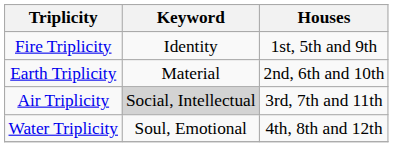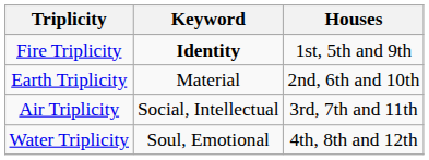 <table class="wikitable" style="text-align:center">
 <tr>
 <th>Triplicity</th>
 <th>Keyword</th>
 <th>Houses</th>
 </tr>
 <tr>
 <td><a href='#'>Fire Triplicity</a></td>
-<td>Identity</td>
+<td><strong>Identity</strong></td>
 <td>1st, 5th and 9th</td>
 </tr>
 <tr>
 <td><a href='#'>Earth Triplicity</a></td>
 <td>Material</td>
 <td>2nd, 6th and 10th</td>
 </tr>
 <tr>
 <td><a href='#'>Air Triplicity</a></td>
-<td style="background: lightgrey;">Social, Intellectual</td>
+<td>Social, Intellectual</td>
 <td>3rd, 7th and 11th</td>
 </tr>
 <tr>
 <td><a href='#'>Water Triplicity</a></td>
 <td>Soul, Emotional</td>
 <td>4th, 8th and 12th</td>
 </tr>
 <tr align=center>
 </tr>
 </table>
